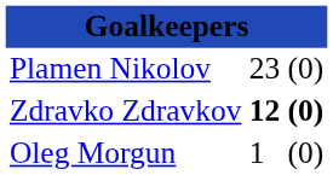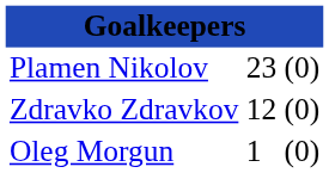 <table class="toccolours" border="0" cellpadding="2" cellspacing="0" align="left" style="margin:0.5em;">
 <tr>
 <th colspan="4" align="center" bgcolor="#2049B7"><span>Goalkeepers</span></th>
 </tr>
 <tr>
 <td> <a href='#'>Plamen Nikolov</a></td>
 <td>23</td>
 <td>(0)</td>
 </tr>
 <tr>
 <td> <a href='#'>Zdravko Zdravkov</a></td>
-<td><strong>12</strong></td>
-<td><strong>(0)</strong></td>
+<td>12</td>
+<td>(0)</td>
 </tr>
 <tr>
 <td> <a href='#'>Oleg Morgun</a></td>
 <td>1</td>
 <td>(0)</td>
 </tr>
 <tr>
 </tr>
 </table>
